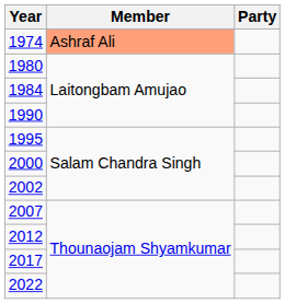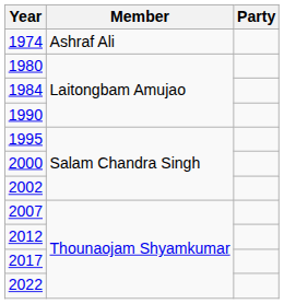 <table class="wikitable">
 <tr>
 <th>Year</th>
 <th>Member</th>
 <th colspan="2">Party</th>
 </tr>
 <tr>
 <td><a href='#'>1974</a></td>
-<td style="background: lightsalmon;">Ashraf Ali</td>
+<td>Ashraf Ali</td>
 <td></td>
 </tr>
 <tr>
 <td><a href='#'>1980</a></td>
 <td rowspan="3">Laitongbam Amujao</td>
 <td></td>
 </tr>
 <tr>
 <td><a href='#'>1984</a></td>
 <td></td>
 </tr>
 <tr>
 <td><a href='#'>1990</a></td>
 </tr>
 <tr>
 <td><a href='#'>1995</a></td>
 <td rowspan="3">Salam Chandra Singh</td>
 <td></td>
 </tr>
 <tr>
 <td><a href='#'>2000</a></td>
 </tr>
 <tr>
 <td><a href='#'>2002</a></td>
 <td></td>
 </tr>
 <tr>
 <td><a href='#'>2007</a></td>
 <td rowspan="4"><a href='#'>Thounaojam Shyamkumar</a></td>
 <td></td>
 </tr>
 <tr>
 <td><a href='#'>2012</a></td>
 <td></td>
 </tr>
 <tr>
 <td><a href='#'>2017</a></td>
 <td></td>
 </tr>
 <tr>
 <td><a href='#'>2022</a></td>
 <td></td>
 </tr>
 </table>
